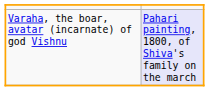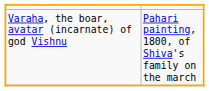 <table class="wikitable" align="right" width="27%" style="font-size:90%; border:2px solid orange;">
 <tr>
 <td width="27%" align="center" valign="center"></td>
 <td width="2%" align="center" valign="center"></td>
 </tr>
 <tr>
 <td valign="top"><a href='#'>Varaha</a>, the boar,<br><a href='#'>avatar</a> (incarnate) of god <a href='#'>Vishnu</a></td>
-<td valign="top" style="background: lavender;"><a href='#'>Pahari painting</a>, 1800, of<br><a href='#'>Shiva</a>'s family on the march</td>
+<td valign="top"><a href='#'>Pahari painting</a>, 1800, of<br><a href='#'>Shiva</a>'s family on the march</td>
 </tr>
 <tr>
 </tr>
 </table>
